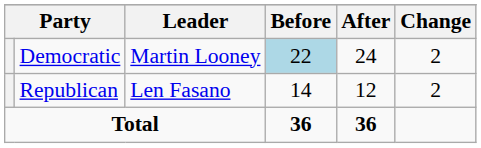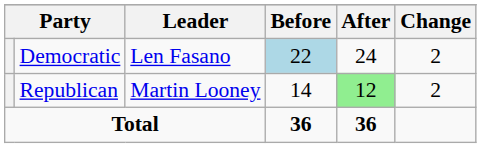 <table class="wikitable" style="text-align:center;">
 <tr>
 </tr>
 <tr>
 <th colspan=2>Party</th>
 <th>Leader</th>
 <th>Before</th>
 <th>After</th>
 <th>Change</th>
 </tr>
 <tr>
 <th style="background-color:"></th>
 <td style="text-align:left;"><a href='#'>Democratic</a></td>
-<td style="text-align:left;"><a href='#'>Martin Looney</a></td>
+<td style="text-align:left;"><a href='#'>Len Fasano</a></td>
 <td style="background: lightblue;">22</td>
 <td>24</td>
 <td> 2</td>
 </tr>
 <tr>
 <th style="background-color:"></th>
 <td style="text-align:left;"><a href='#'>Republican</a></td>
-<td style="text-align:left;"><a href='#'>Len Fasano</a></td>
+<td style="text-align:left;"><a href='#'>Martin Looney</a></td>
 <td>14</td>
-<td>12</td>
+<td style="background: lightgreen;">12</td>
 <td> 2</td>
 </tr>
 <tr>
 <td colspan=3><strong>Total</strong></td>
 <td><strong>36</strong></td>
 <td><strong>36</strong></td>
 <td></td>
 </tr>
 </table>
